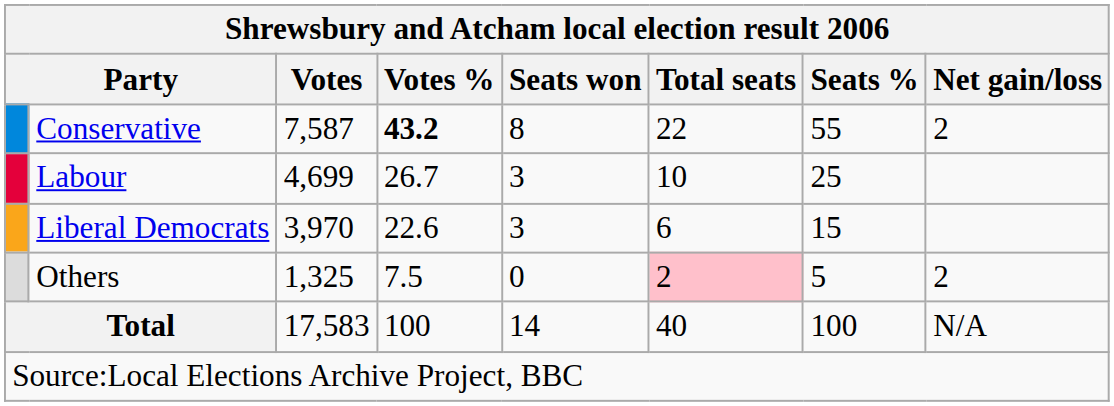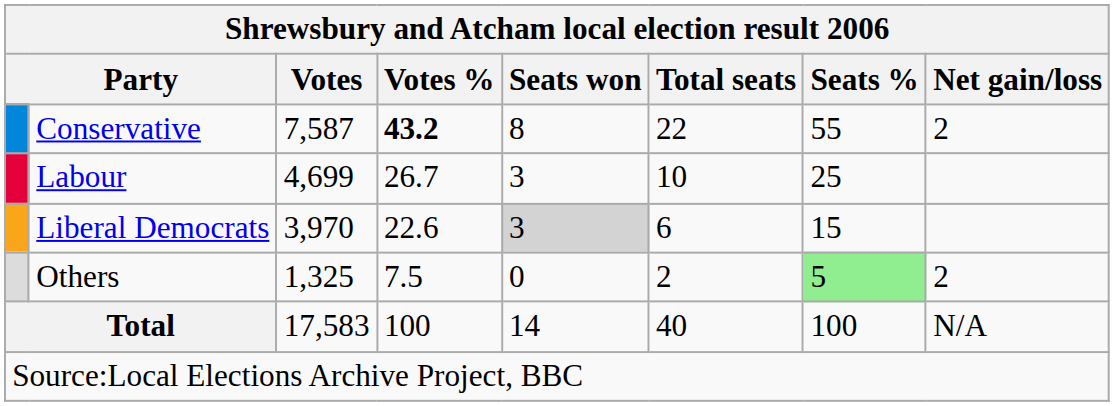 <table class="wikitable">
 <tr>
 <th colspan="8">Shrewsbury and Atcham local election result 2006</th>
 </tr>
 <tr>
 <th colspan="2">Party</th>
 <th>Votes</th>
 <th>Votes %</th>
 <th>Seats won</th>
 <th>Total seats</th>
 <th>Seats %</th>
 <th>Net gain/loss</th>
 </tr>
 <tr>
 <td style="background:#0087dc;" width="5"></td>
 <td><a href='#'>Conservative</a></td>
 <td>7,587</td>
 <td><strong>43.2</strong></td>
 <td>8</td>
 <td>22</td>
 <td>55</td>
 <td>2</td>
 </tr>
 <tr>
 <td style="background:#e4003b;" width="5"></td>
 <td><a href='#'>Labour</a></td>
 <td>4,699</td>
 <td>26.7</td>
 <td>3</td>
 <td>10</td>
 <td>25</td>
 <td></td>
 </tr>
 <tr>
 <td style="background:#faa61a;" width="5"></td>
 <td><a href='#'>Liberal Democrats</a></td>
 <td>3,970</td>
 <td>22.6</td>
-<td>3</td>
+<td style="background: lightgrey;">3</td>
 <td>6</td>
 <td>15</td>
 <td></td>
 </tr>
 <tr>
 <td style="background:#dcdcdc;" width="5"></td>
 <td>Others</td>
 <td>1,325</td>
 <td>7.5</td>
 <td>0</td>
-<td style="background: pink;">2</td>
-<td>5</td>
+<td>2</td>
+<td style="background: lightgreen;">5</td>
 <td>2</td>
 </tr>
 <tr>
 <th colspan="2">Total</th>
 <td>17,583</td>
 <td>100</td>
 <td>14</td>
 <td>40</td>
 <td>100</td>
 <td>N/A</td>
 </tr>
 <tr>
 <td colspan="8">Source:Local Elections Archive Project, BBC</td>
 </tr>
 </table>
